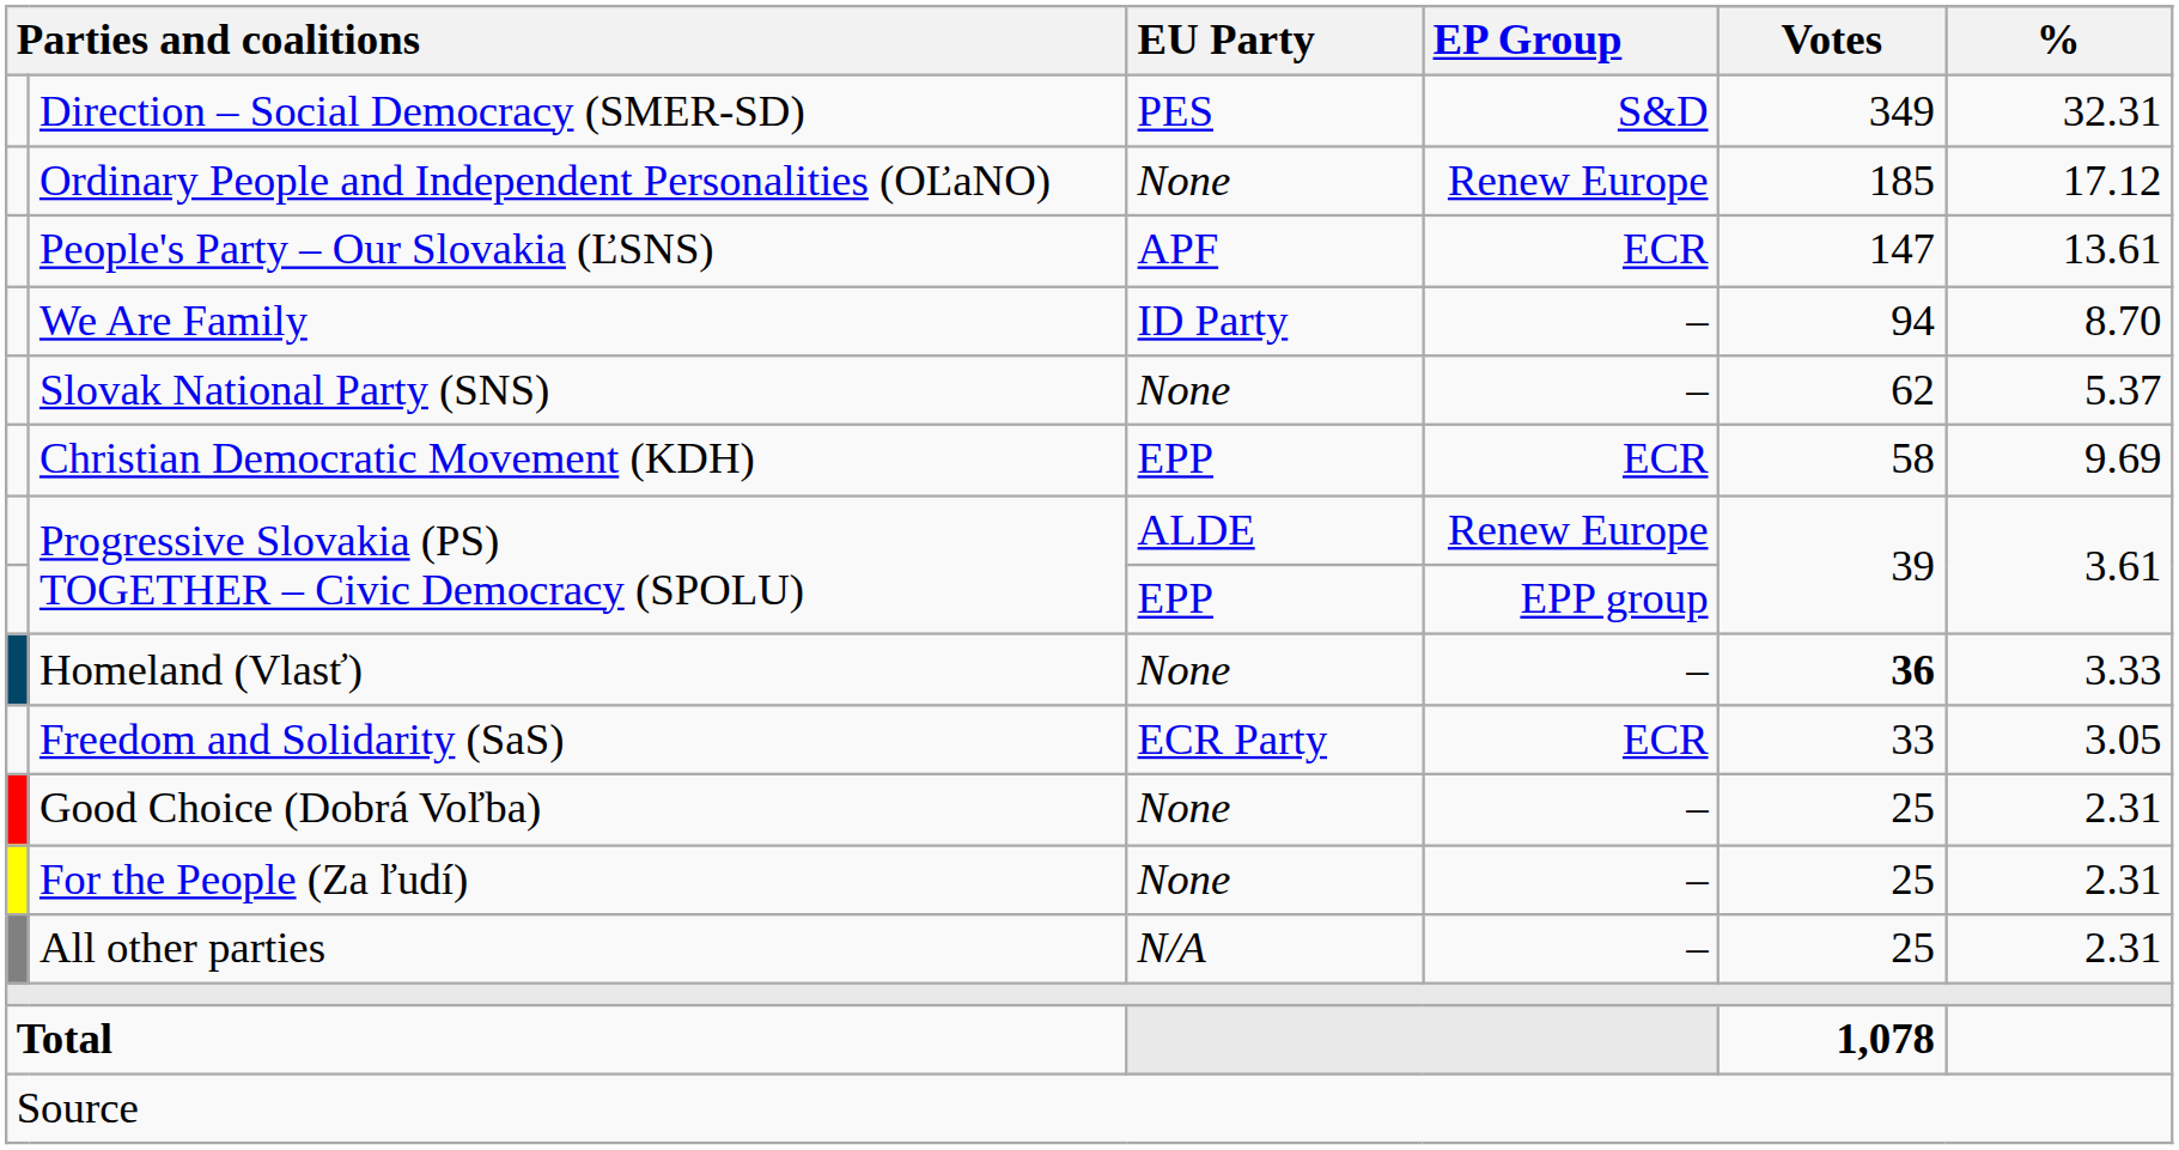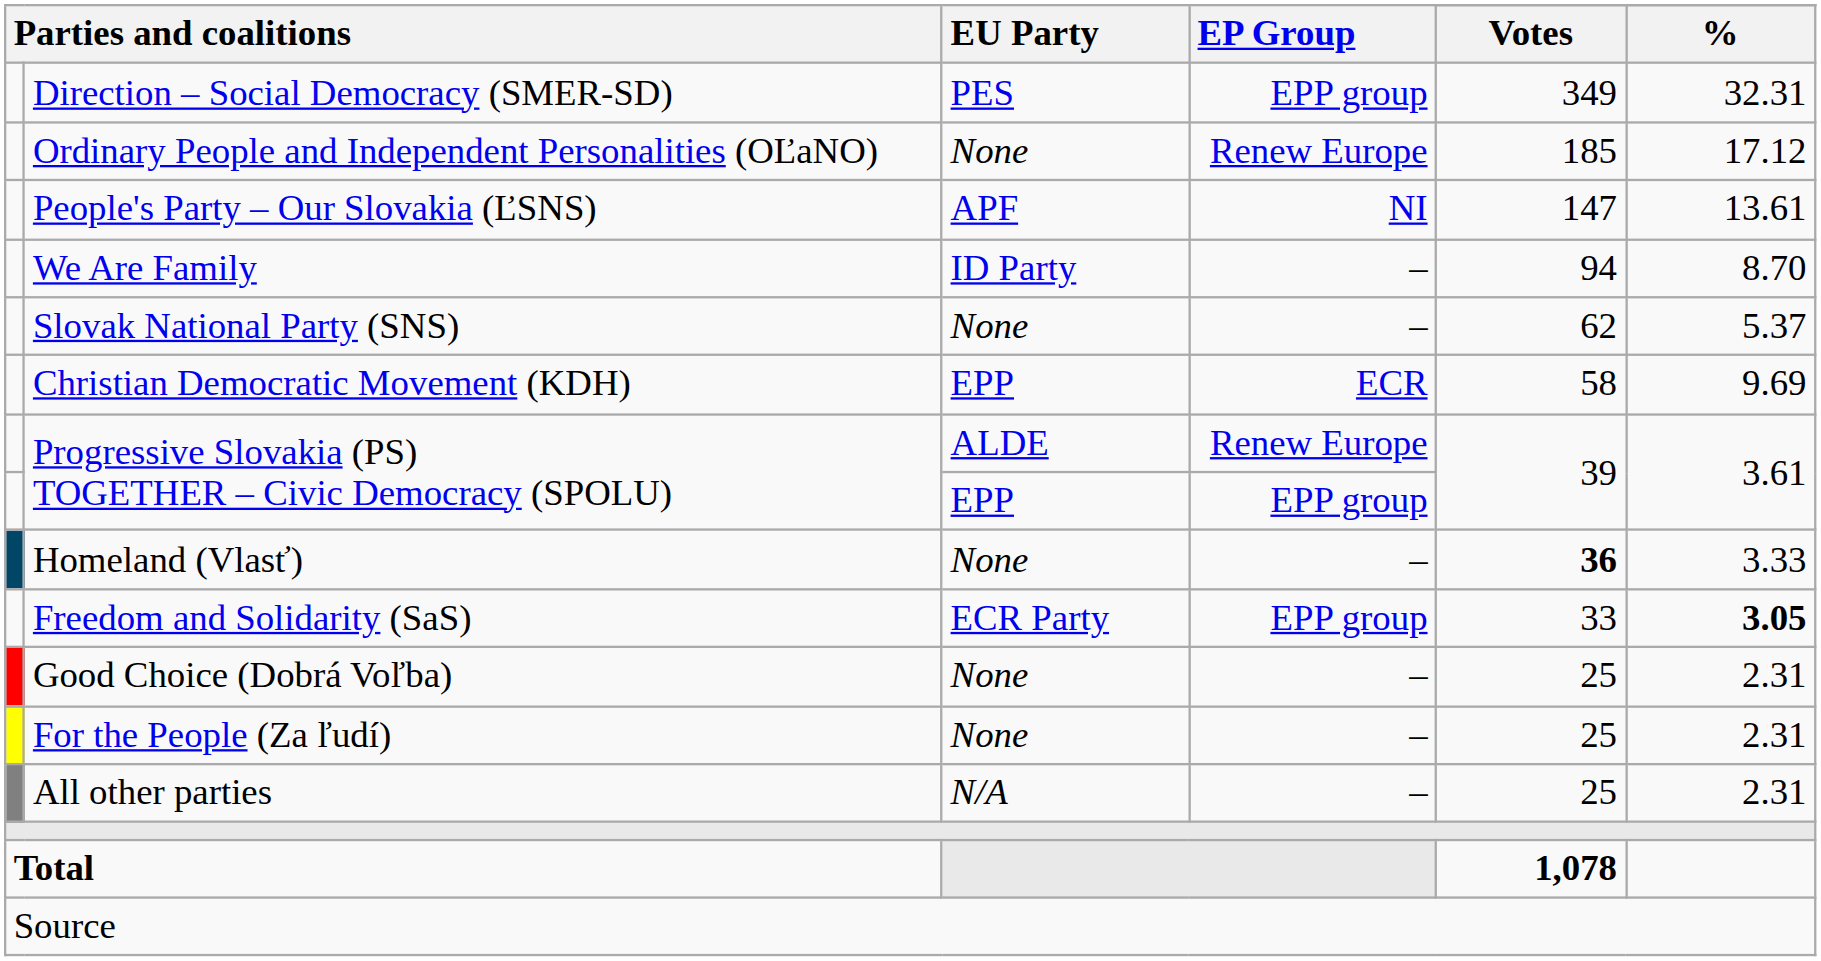 <table class="wikitable" style="text-align:right;">
 <tr>
 <th style="text-align:left;" rowspan="2" colspan="2" width="400">Parties and coalitions</th>
 <th style="text-align:left;" rowspan="2" width="100">EU Party</th>
 <th style="text-align:left;" rowspan="2" width="100"><a href='#'>EP Group</a></th>
 </tr>
 <tr>
 <th width="75">Votes</th>
 <th width="75">%</th>
 </tr>
 <tr>
 <td width="1" style="color:inherit;background:"></td>
 <td align="left"><a href='#'>Direction – Social Democracy</a> (SMER-SD)</td>
 <td align=left><a href='#'>PES</a></td>
-<td><a href='#'>S&D</a></td>
+<td><a href='#'>EPP group</a></td>
 <td>349</td>
 <td>32.31</td>
 </tr>
 <tr>
 <td width="1" style="color:inherit;background:"></td>
 <td align="left"><a href='#'>Ordinary People and Independent Personalities</a> (OĽaNO)</td>
 <td align=left><em>None</em></td>
 <td><a href='#'>Renew Europe</a></td>
 <td>185</td>
 <td>17.12</td>
 </tr>
 <tr>
 <td width="1" style="color:inherit;background:"></td>
 <td align="left"><a href='#'>People's Party – Our Slovakia</a> (ĽSNS)</td>
 <td align=left><a href='#'>APF</a></td>
-<td><a href='#'>ECR</a></td>
+<td><a href='#'>NI</a></td>
 <td>147</td>
 <td>13.61</td>
 </tr>
 <tr>
 <td width="1" style="color:inherit;background:"></td>
 <td align="left"><a href='#'>We Are Family</a></td>
 <td align=left><a href='#'>ID Party</a></td>
 <td>–</td>
 <td>94</td>
 <td>8.70</td>
 </tr>
 <tr>
 <td width="1" style="color:inherit;background:"></td>
 <td align="left"><a href='#'>Slovak National Party</a> (SNS)</td>
 <td align=left><em>None</em></td>
 <td>–</td>
 <td>62</td>
 <td>5.37</td>
 </tr>
 <tr>
 <td width="1" style="color:inherit;background:"></td>
 <td align="left"><a href='#'>Christian Democratic Movement</a> (KDH)</td>
 <td align=left><a href='#'>EPP</a></td>
 <td><a href='#'>ECR</a></td>
 <td>58</td>
 <td>9.69</td>
 </tr>
 <tr>
 <td width="1" style="color:inherit;background:"></td>
 <td align="left" rowspan="2"><a href='#'>Progressive Slovakia</a> (PS)<br><a href='#'>TOGETHER – Civic Democracy</a> (SPOLU)</td>
 <td align=left><a href='#'>ALDE</a></td>
 <td><a href='#'>Renew Europe</a></td>
 <td rowspan="2">39</td>
 <td rowspan="2">3.61</td>
 </tr>
 <tr>
 <td width="1" style="color:inherit;background:"></td>
 <td align=left><a href='#'>EPP</a></td>
 <td><a href='#'>EPP group</a></td>
 </tr>
 <tr>
 <td bgcolor=#014667></td>
 <td align=left>Homeland (Vlasť)</td>
 <td align="left"><em>None</em></td>
 <td>–</td>
 <td –><strong>36</strong></td>
 <td>3.33</td>
 </tr>
 <tr>
 <td width="1" style="color:inherit;background:"></td>
 <td align="left"><a href='#'>Freedom and Solidarity</a> (SaS)</td>
 <td align=left><a href='#'>ECR Party</a></td>
-<td><a href='#'>ECR</a></td>
+<td><a href='#'>EPP group</a></td>
 <td>33</td>
-<td>3.05</td>
+<td><strong>3.05</strong></td>
 </tr>
 <tr>
 <td bgcolor=red></td>
 <td align=left>Good Choice (Dobrá Voľba)</td>
 <td align="left"><em>None</em></td>
 <td>–</td>
 <td –>25</td>
 <td>2.31</td>
 </tr>
 <tr>
 <td bgcolor=yellow></td>
 <td align="left"><a href='#'>For the People</a> (Za ľudí)</td>
 <td align=left><em>None</em></td>
 <td>–</td>
 <td>25</td>
 <td>2.31</td>
 </tr>
 <tr>
 <td bgcolor=gray></td>
 <td align="left">All other parties</td>
 <td align=left><em>N/A</em></td>
 <td>–</td>
 <td>25</td>
 <td>2.31</td>
 </tr>
 <tr>
 <td colspan="9" bgcolor="#E9E9E9"></td>
 </tr>
 <tr style="font-weight:bold;">
 <td align="left" colspan="2">Total</td>
 <td bgcolor="#E9E9E9" colspan="2"></td>
 <td>1,078</td>
 </tr>
 <tr>
 <td align="left" colspan="9">Source</td>
 </tr>
 </table>
